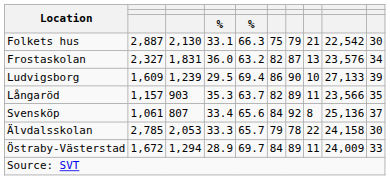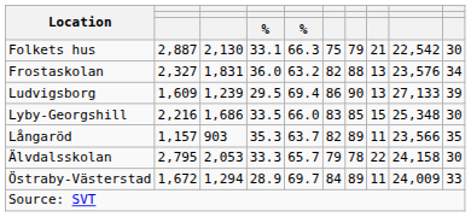 <table role="presentation" class="wikitable sortable mw-collapsible">
 <tr>
 <th rowspan="3">Location</th>
 <th></th>
 <th></th>
 <th></th>
 <th></th>
 <th></th>
 <th></th>
 <th></th>
 <th></th>
 <th></th>
 </tr>
 <tr>
 <th></th>
 <th></th>
 <th style="background:"></th>
 <th style="background:"></th>
 <th></th>
 <th></th>
 <th></th>
 <th></th>
 <th></th>
 </tr>
 <tr>
 <th data-sort-type="number"></th>
 <th data-sort-type="number"></th>
 <th data-sort-type="number">%</th>
 <th data-sort-type="number">%</th>
 <th data-sort-type="number"></th>
 <th data-sort-type="number"></th>
 <th data-sort-type="number"></th>
 <th data-sort-type="number"></th>
 <th data-sort-type="number"></th>
 </tr>
 <tr>
 <td align="left">Folkets hus</td>
 <td>2,887</td>
 <td>2,130</td>
 <td>33.1</td>
 <td>66.3</td>
 <td>75</td>
 <td>79</td>
 <td>21</td>
 <td>22,542</td>
 <td>30</td>
 </tr>
 <tr>
 <td align="left">Frostaskolan</td>
 <td>2,327</td>
 <td>1,831</td>
 <td>36.0</td>
 <td>63.2</td>
 <td>82</td>
-<td>87</td>
+<td>88</td>
 <td>13</td>
 <td>23,576</td>
 <td>34</td>
 </tr>
 <tr>
 <td align="left">Ludvigsborg</td>
 <td>1,609</td>
 <td>1,239</td>
 <td>29.5</td>
 <td>69.4</td>
 <td>86</td>
 <td>90</td>
-<td>10</td>
+<td>13</td>
 <td>27,133</td>
 <td>39</td>
+</tr>
+<tr>
+<td align="left">Lyby-Georgshill</td>
+<td>2,216</td>
+<td>1,686</td>
+<td>33.5</td>
+<td>66.0</td>
+<td>83</td>
+<td>85</td>
+<td>15</td>
+<td>25,348</td>
+<td>30</td>
 </tr>
 <tr>
 <td align="left">Långaröd</td>
 <td>1,157</td>
 <td>903</td>
 <td>35.3</td>
 <td>63.7</td>
 <td>82</td>
 <td>89</td>
 <td>11</td>
 <td>23,566</td>
 <td>35</td>
 </tr>
 <tr>
-<td align="left">Svensköp</td>
-<td>1,061</td>
-<td>807</td>
-<td>33.4</td>
-<td>65.6</td>
-<td>84</td>
-<td>92</td>
-<td>8</td>
-<td>25,136</td>
-<td>37</td>
-</tr>
-<tr>
 <td align="left">Älvdalsskolan</td>
-<td>2,785</td>
+<td>2,795</td>
 <td>2,053</td>
 <td>33.3</td>
 <td>65.7</td>
 <td>79</td>
 <td>78</td>
 <td>22</td>
 <td>24,158</td>
 <td>30</td>
 </tr>
 <tr>
 <td align="left">Östraby-Västerstad</td>
 <td>1,672</td>
 <td>1,294</td>
 <td>28.9</td>
 <td>69.7</td>
 <td>84</td>
 <td>89</td>
 <td>11</td>
 <td>24,009</td>
 <td>33</td>
 </tr>
 <tr>
 <td colspan="10" align="left">Source: <a href='#'>SVT</a></td>
 </tr>
 </table>
